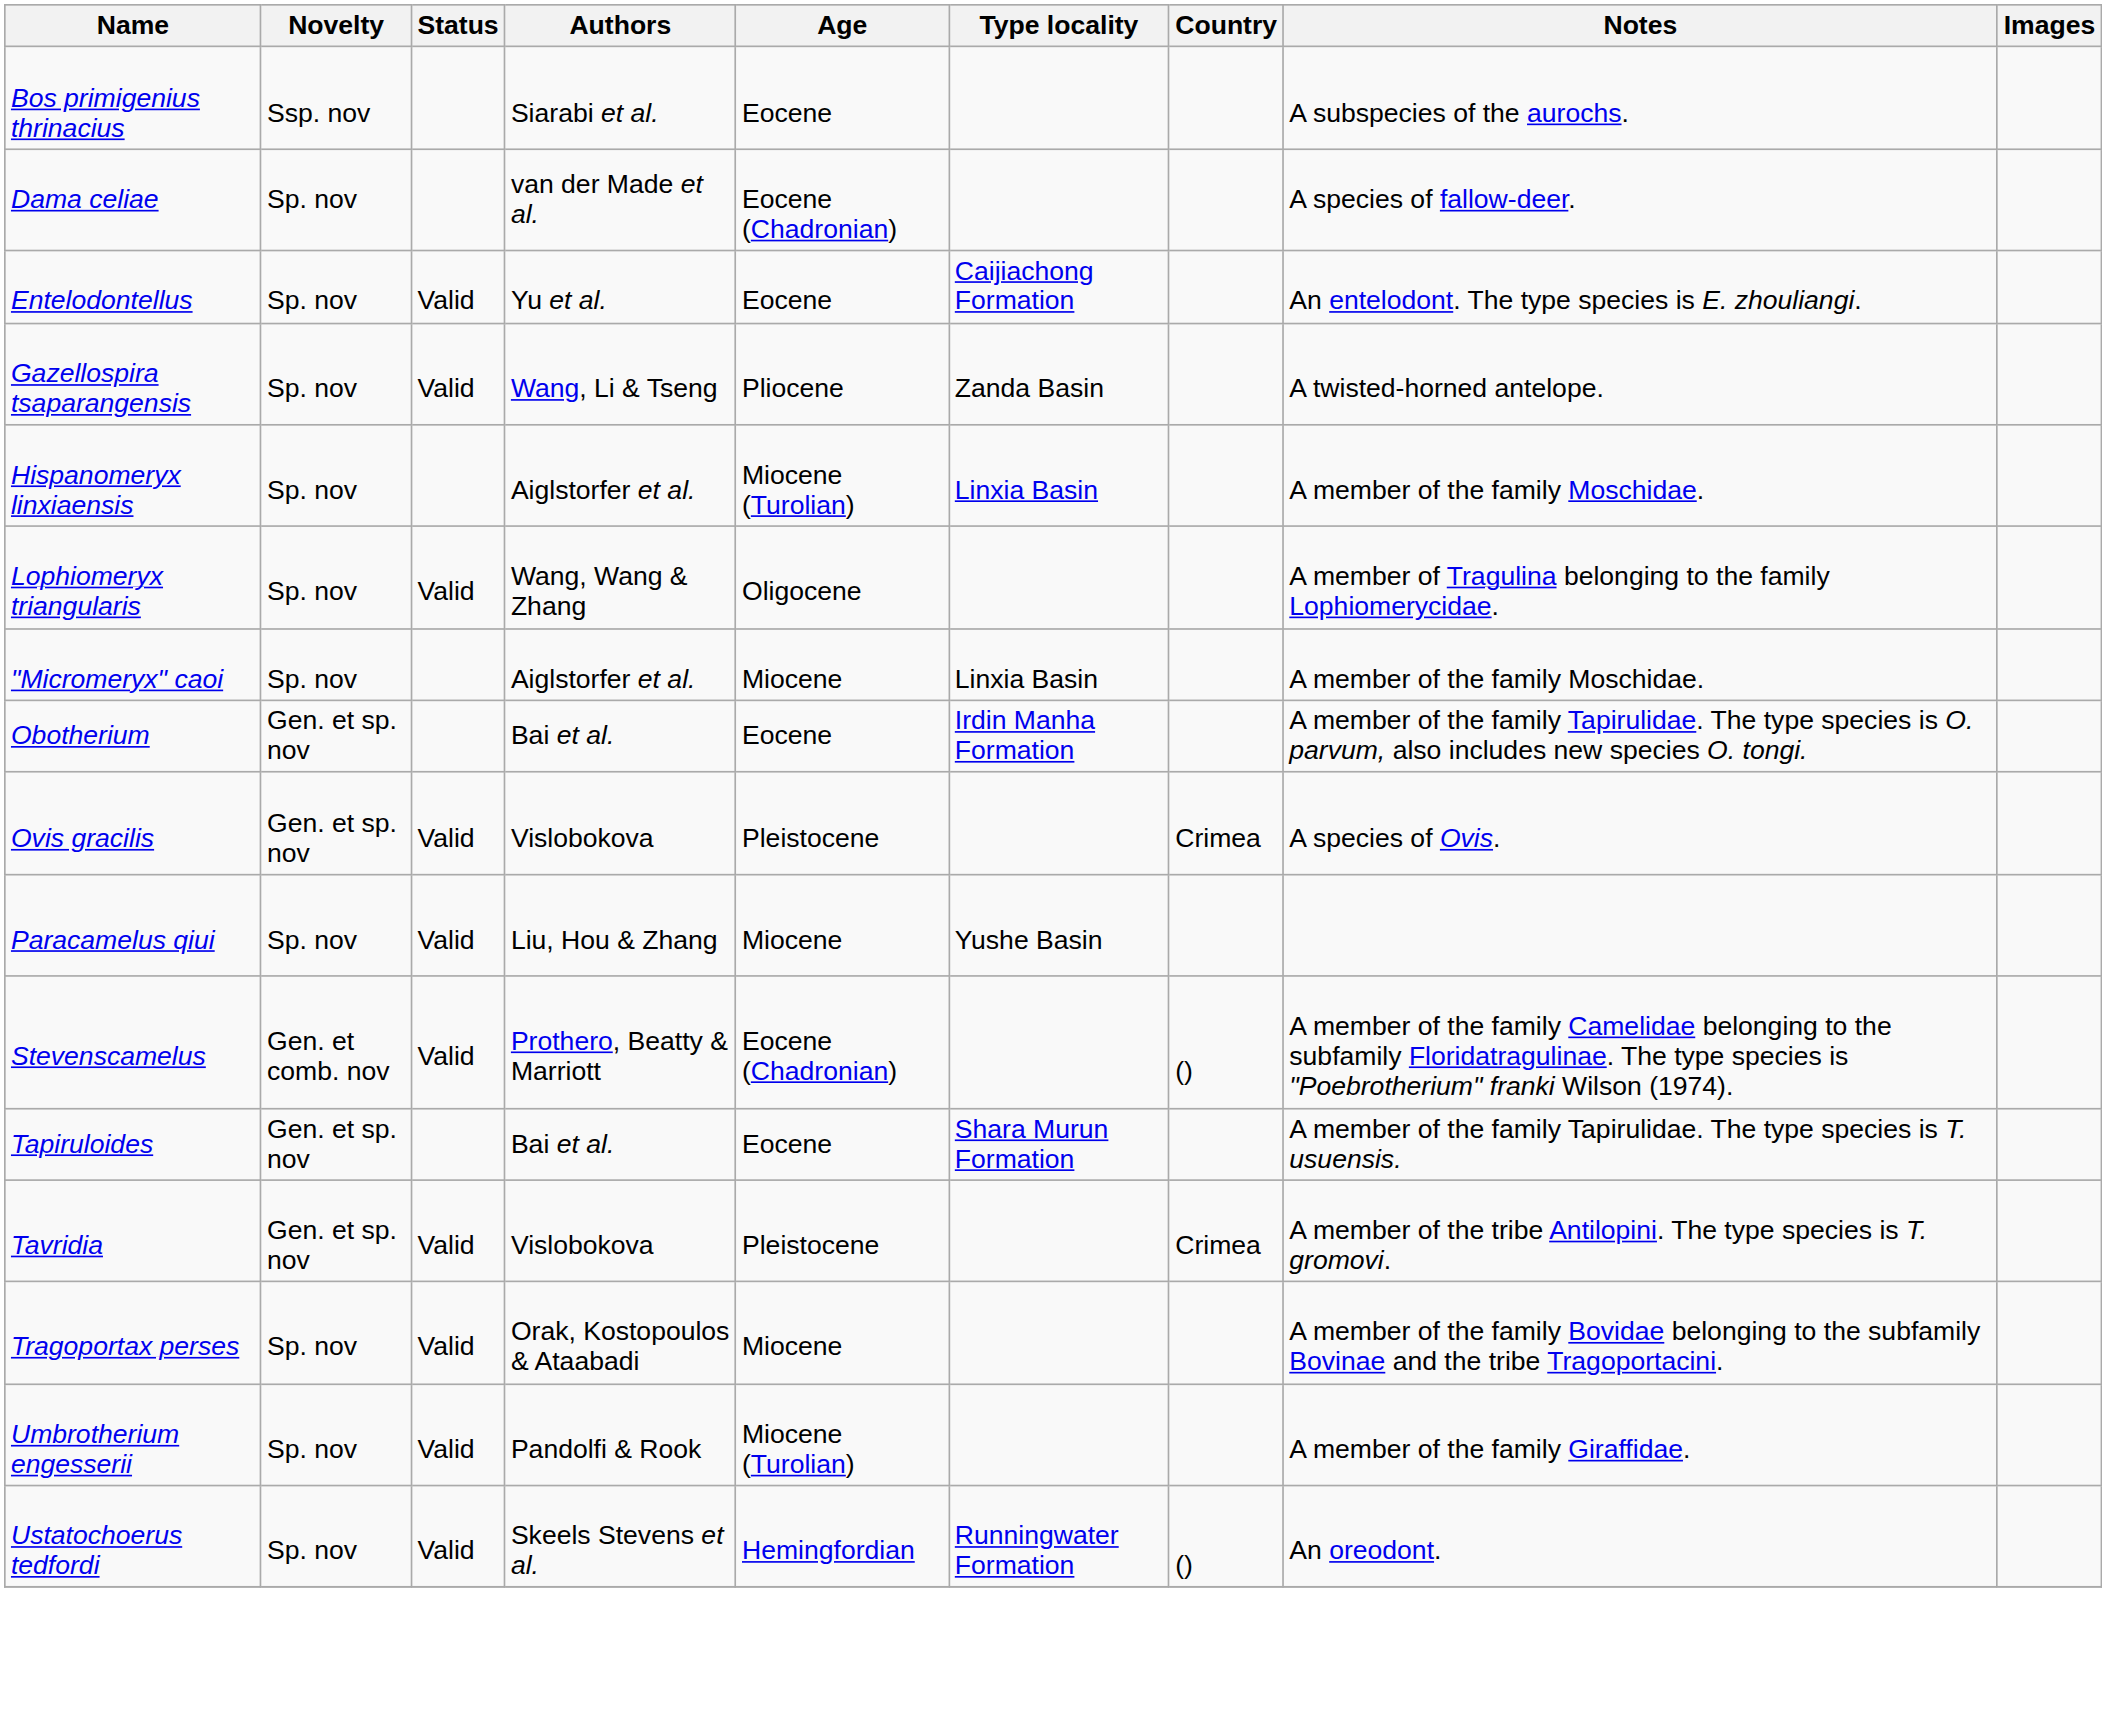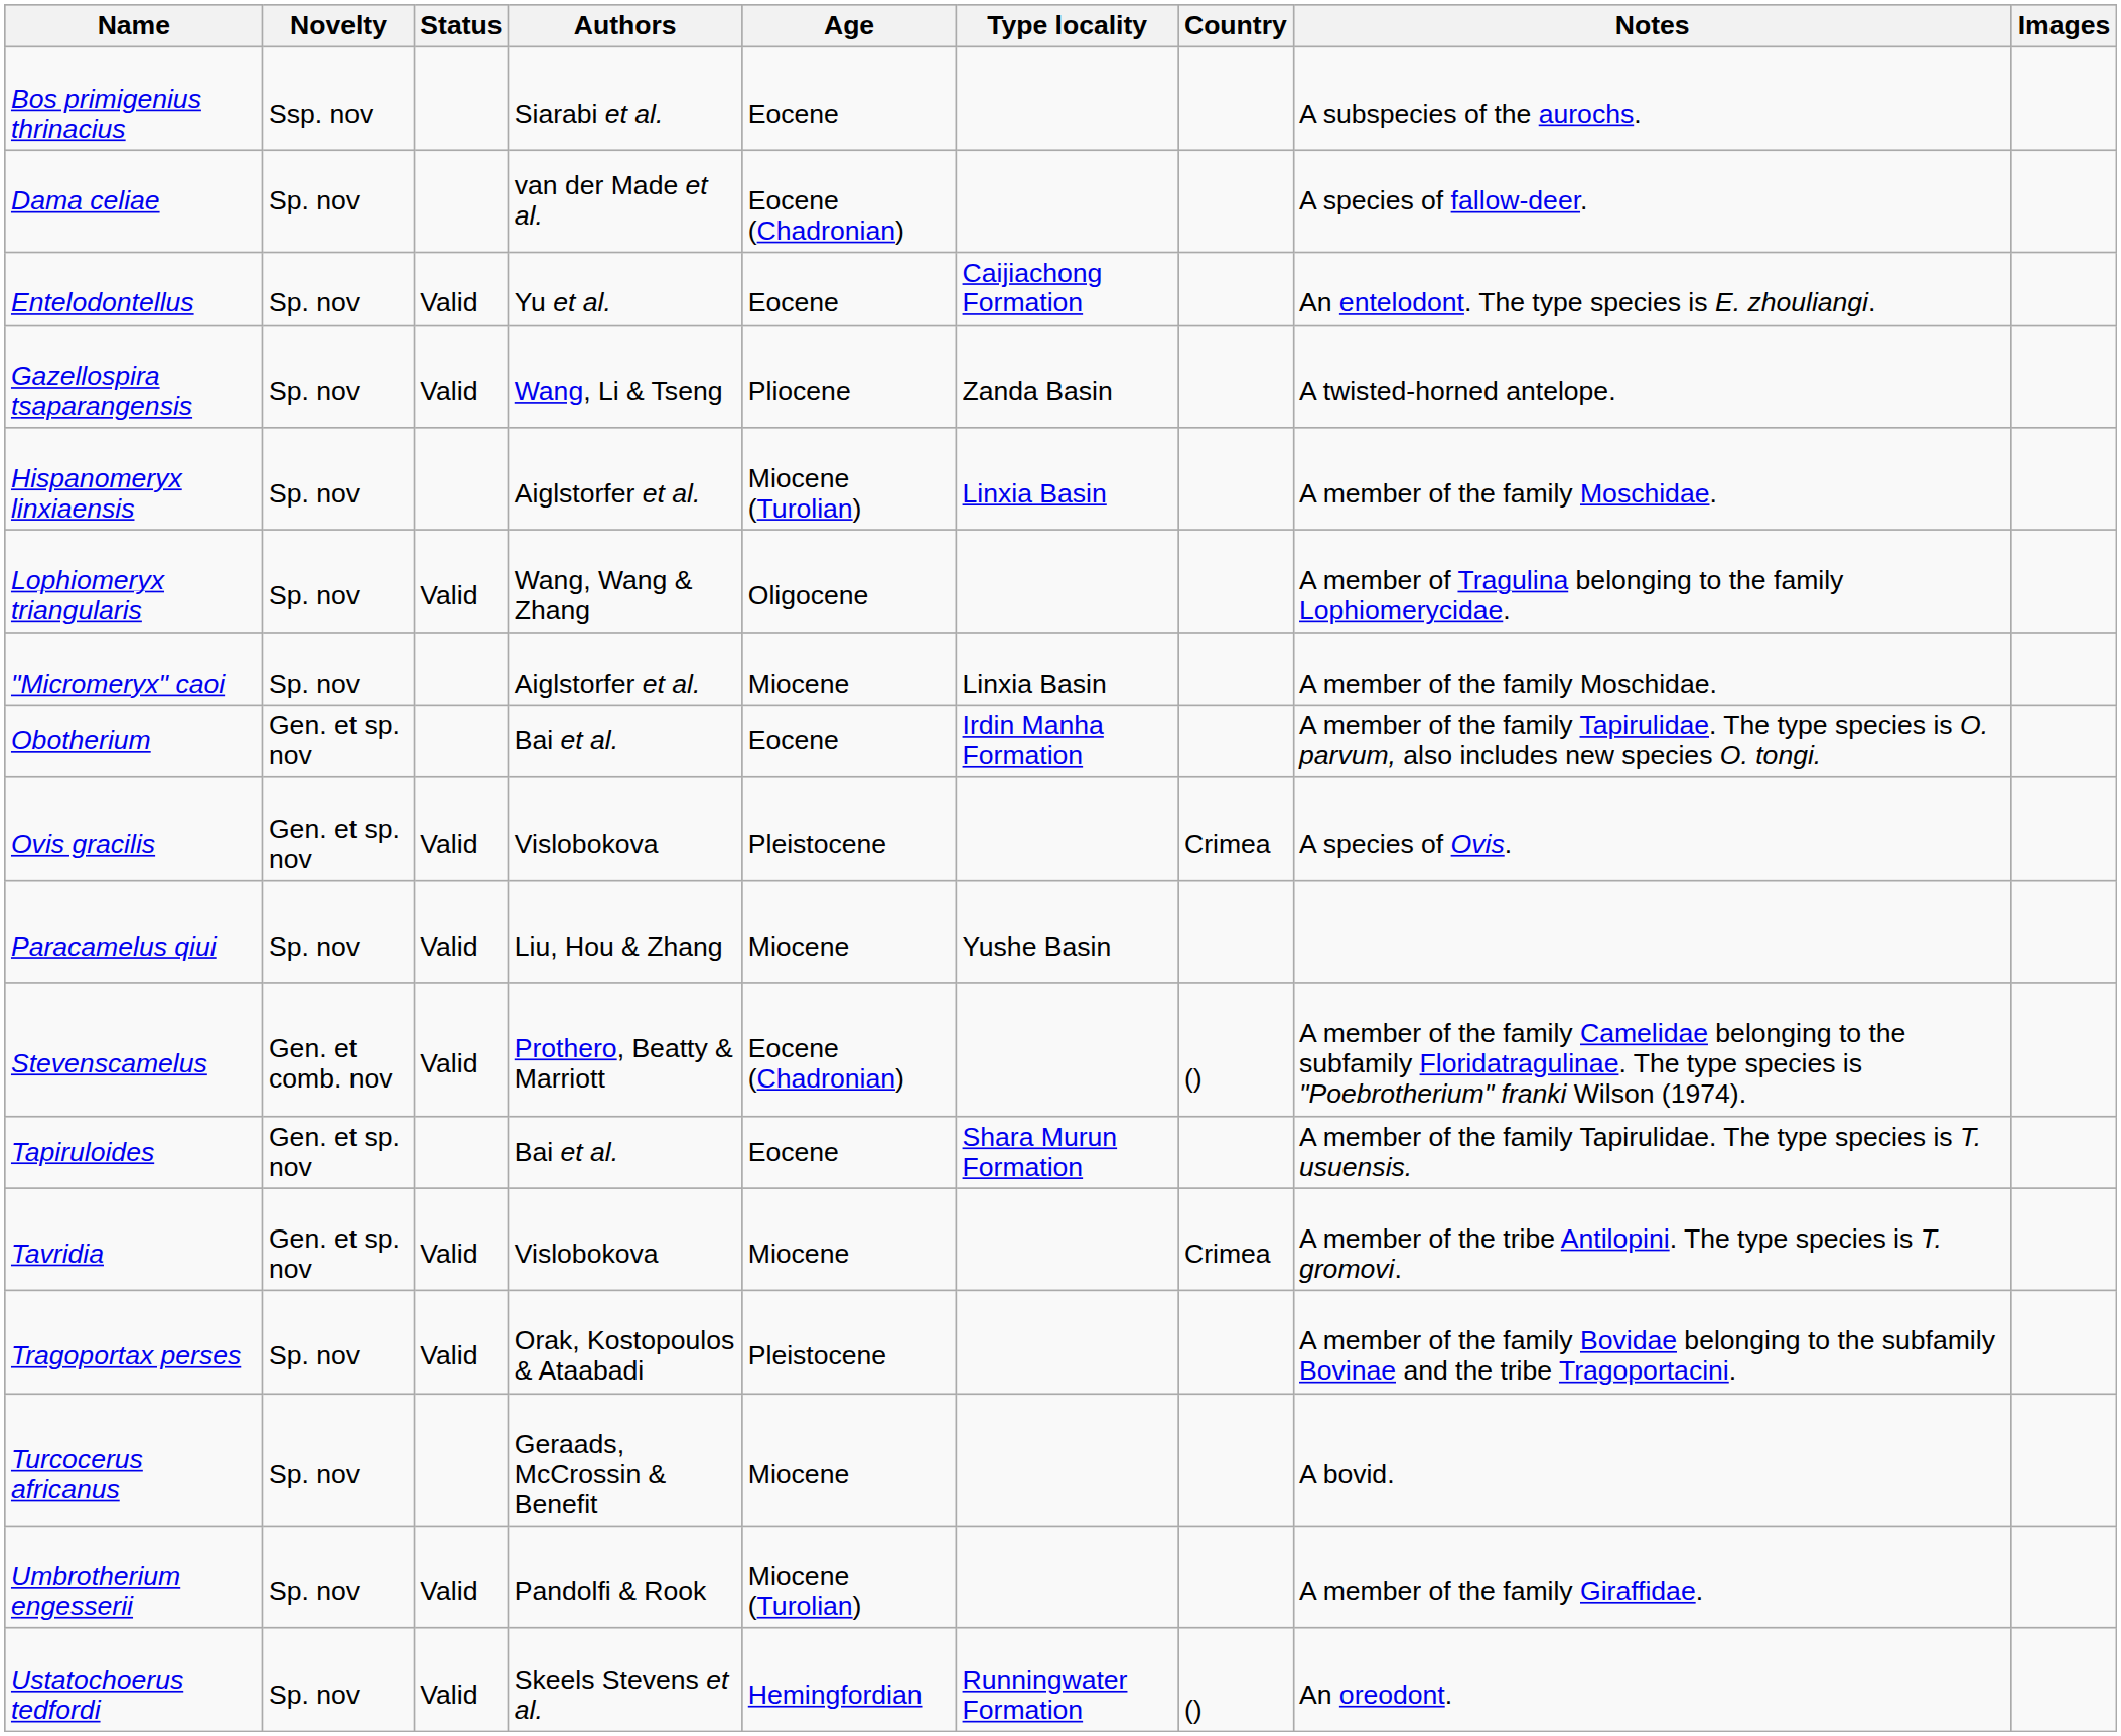 <table class="wikitable sortable" align="center" width="100%">
 <tr>
 <th>Name</th>
 <th>Novelty</th>
 <th>Status</th>
 <th>Authors</th>
 <th>Age</th>
 <th>Type locality</th>
 <th>Country</th>
 <th>Notes</th>
 <th>Images</th>
 </tr>
 <tr>
 <td><br><em><a href='#'>Bos primigenius thrinacius</a></em></td>
 <td><br>Ssp. nov</td>
 <td></td>
 <td><br>Siarabi <em>et al.</em></td>
 <td><br>Eocene</td>
 <td></td>
 <td><br></td>
 <td><br>A subspecies of the <a href='#'>aurochs</a>.</td>
 <td></td>
 </tr>
 <tr>
 <td><em><a href='#'>Dama celiae</a></em></td>
 <td>Sp. nov</td>
 <td></td>
 <td>van der Made <em>et al.</em></td>
 <td><br>Eocene (<a href='#'>Chadronian</a>)</td>
 <td></td>
 <td></td>
 <td>A species of <a href='#'>fallow-deer</a>.</td>
 <td></td>
 </tr>
 <tr>
 <td><br><em><a href='#'>Entelodontellus</a></em></td>
 <td><br>Sp. nov</td>
 <td><br>Valid</td>
 <td><br>Yu <em>et al.</em></td>
 <td><br>Eocene</td>
 <td><a href='#'>Caijiachong Formation</a></td>
 <td><br></td>
 <td><br>An <a href='#'>entelodont</a>. The type species is <em>E. zhouliangi</em>.</td>
 <td></td>
 </tr>
 <tr>
 <td><br><em><a href='#'>Gazellospira tsaparangensis</a></em></td>
 <td><br>Sp. nov</td>
 <td><br>Valid</td>
 <td><br><a href='#'>Wang</a>, Li & Tseng</td>
 <td><br>Pliocene</td>
 <td><br>Zanda Basin</td>
 <td><br></td>
 <td><br>A twisted-horned antelope.</td>
 <td></td>
 </tr>
 <tr>
 <td><br><em><a href='#'>Hispanomeryx linxiaensis</a></em></td>
 <td><br>Sp. nov</td>
 <td></td>
 <td><br>Aiglstorfer <em>et al.</em></td>
 <td><br>Miocene (<a href='#'>Turolian</a>)</td>
 <td><br><a href='#'>Linxia Basin</a></td>
 <td><br></td>
 <td><br>A member of the family <a href='#'>Moschidae</a>.</td>
 <td></td>
 </tr>
 <tr>
 <td><br><em><a href='#'>Lophiomeryx triangularis</a></em></td>
 <td><br>Sp. nov</td>
 <td><br>Valid</td>
 <td><br>Wang, Wang & Zhang</td>
 <td><br>Oligocene</td>
 <td></td>
 <td><br></td>
 <td><br>A member of <a href='#'>Tragulina</a> belonging to the family <a href='#'>Lophiomerycidae</a>.</td>
 <td></td>
 </tr>
 <tr>
 <td><br><em><a href='#'>"Micromeryx" caoi</a></em></td>
 <td><br>Sp. nov</td>
 <td></td>
 <td><br>Aiglstorfer <em>et al.</em></td>
 <td><br>Miocene</td>
 <td><br>Linxia Basin</td>
 <td><br></td>
 <td><br>A member of the family Moschidae.</td>
 <td></td>
 </tr>
 <tr>
 <td><em><a href='#'>Obotherium</a></em></td>
 <td>Gen. et sp. nov</td>
 <td></td>
 <td>Bai <em>et al.</em></td>
 <td>Eocene</td>
 <td><a href='#'>Irdin Manha Formation</a></td>
 <td></td>
 <td>A member of the family <a href='#'>Tapirulidae</a>. The type species is <em>O. parvum,</em> also includes new species <em>O. tongi.</em></td>
 <td></td>
 </tr>
 <tr>
 <td><br><em><a href='#'>Ovis gracilis</a></em></td>
 <td><br>Gen. et sp. nov</td>
 <td><br>Valid</td>
 <td><br>Vislobokova</td>
 <td><br>Pleistocene</td>
 <td></td>
 <td><br>Crimea</td>
 <td><br>A species of <em><a href='#'>Ovis</a></em>.</td>
 <td></td>
 </tr>
 <tr>
 <td><br><em><a href='#'>Paracamelus qiui</a></em></td>
 <td><br>Sp. nov</td>
 <td><br>Valid</td>
 <td><br>Liu, Hou & Zhang</td>
 <td><br>Miocene</td>
 <td><br>Yushe Basin</td>
 <td><br><br> <br> </td>
 <td></td>
 <td></td>
 </tr>
 <tr>
 <td><br><em><a href='#'>Stevenscamelus</a></em></td>
 <td><br>Gen. et comb. nov</td>
 <td><br>Valid</td>
 <td><br><a href='#'>Prothero</a>, Beatty & Marriott</td>
 <td><br>Eocene (<a href='#'>Chadronian</a>)</td>
 <td></td>
 <td><br><br>()</td>
 <td><br>A member of the family <a href='#'>Camelidae</a> belonging to the subfamily <a href='#'>Floridatragulinae</a>. The type species is <em>"Poebrotherium" franki</em> Wilson (1974).</td>
 <td></td>
 </tr>
 <tr>
 <td><em><a href='#'>Tapiruloides</a></em></td>
 <td>Gen. et sp. nov</td>
 <td></td>
 <td>Bai <em>et al.</em></td>
 <td>Eocene</td>
 <td><a href='#'>Shara Murun Formation</a></td>
 <td></td>
 <td>A member of the family Tapirulidae. The type species is <em>T. usuensis.</em></td>
 <td></td>
 </tr>
 <tr>
 <td><br><em><a href='#'>Tavridia</a></em></td>
 <td><br>Gen. et sp. nov</td>
 <td><br>Valid</td>
 <td><br>Vislobokova</td>
-<td><br>Pleistocene</td>
+<td><br>Miocene</td>
 <td></td>
 <td><br>Crimea</td>
 <td><br>A member of the tribe <a href='#'>Antilopini</a>. The type species is <em>T. gromovi</em>.</td>
 <td></td>
 </tr>
 <tr>
 <td><br><em><a href='#'>Tragoportax perses</a></em></td>
 <td><br>Sp. nov</td>
 <td><br>Valid</td>
 <td><br>Orak, Kostopoulos & Ataabadi</td>
+<td><br>Pleistocene</td>
+<td></td>
+<td><br></td>
+<td><br>A member of the family <a href='#'>Bovidae</a> belonging to the subfamily <a href='#'>Bovinae</a> and the tribe <a href='#'>Tragoportacini</a>.</td>
+<td></td>
+</tr>
+<tr>
+<td><br><em><a href='#'>Turcocerus africanus</a></em></td>
+<td><br>Sp. nov</td>
+<td></td>
+<td><br>Geraads, McCrossin & Benefit</td>
 <td><br>Miocene</td>
 <td></td>
 <td><br></td>
-<td><br>A member of the family <a href='#'>Bovidae</a> belonging to the subfamily <a href='#'>Bovinae</a> and the tribe <a href='#'>Tragoportacini</a>.</td>
+<td><br>A bovid.</td>
 <td></td>
 </tr>
 <tr>
 <td><br><em><a href='#'>Umbrotherium engesserii</a></em></td>
 <td><br>Sp. nov</td>
 <td><br>Valid</td>
 <td><br>Pandolfi & Rook</td>
 <td><br>Miocene (<a href='#'>Turolian</a>)</td>
 <td></td>
 <td><br></td>
 <td><br>A member of the family <a href='#'>Giraffidae</a>.</td>
 <td></td>
 </tr>
 <tr>
 <td><br><em><a href='#'>Ustatochoerus tedfordi</a></em></td>
 <td><br>Sp. nov</td>
 <td><br>Valid</td>
 <td><br>Skeels Stevens <em>et al.</em></td>
 <td><br><a href='#'>Hemingfordian</a></td>
 <td><br><a href='#'>Runningwater Formation</a></td>
 <td><br><br>()</td>
 <td><br>An <a href='#'>oreodont</a>.</td>
 <td></td>
 </tr>
 <tr>
 </tr>
 </table>
